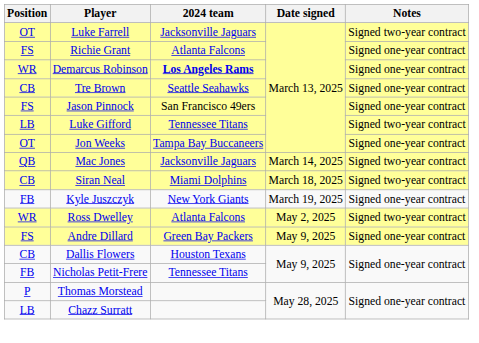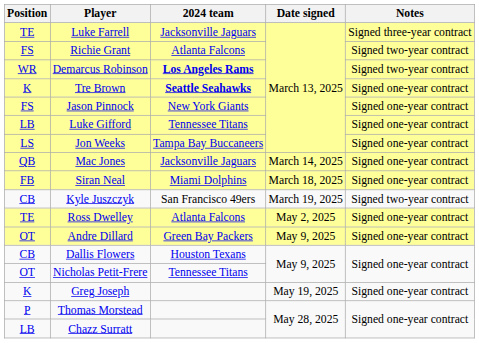 <table class="sortable wikitable" style="text-align:center">
 <tr>
 <th>Position</th>
 <th>Player</th>
 <th>2024 team</th>
 <th>Date signed</th>
 <th>Notes</th>
 </tr>
 <tr style="background:#ff9">
-<td><a href='#'>OT</a></td>
+<td><a href='#'>TE</a></td>
 <td><a href='#'>Luke Farrell</a></td>
 <td><a href='#'>Jacksonville Jaguars</a></td>
 <td rowspan="7">March 13, 2025</td>
-<td>Signed two-year contract</td>
+<td>Signed three-year contract</td>
 </tr>
 <tr style="background:#ff9">
 <td><a href='#'>FS</a></td>
 <td><a href='#'>Richie Grant</a></td>
 <td><a href='#'>Atlanta Falcons</a></td>
-<td>Signed one-year contract</td>
+<td>Signed two-year contract</td>
 </tr>
 <tr style="background:#ff9">
 <td><a href='#'>WR</a></td>
 <td><a href='#'>Demarcus Robinson</a></td>
 <td><strong><a href='#'>Los Angeles Rams</a></strong></td>
-<td>Signed one-year contract</td>
+<td>Signed two-year contract</td>
 </tr>
 <tr style="background:#ff9">
-<td><a href='#'>CB</a></td>
+<td><a href='#'>K</a></td>
 <td><a href='#'>Tre Brown</a></td>
-<td><a href='#'>Seattle Seahawks</a></td>
+<td><strong><a href='#'>Seattle Seahawks</a></strong></td>
 <td>Signed one-year contract</td>
 </tr>
 <tr style="background:#ff9">
 <td><a href='#'>FS</a></td>
 <td><a href='#'>Jason Pinnock</a></td>
-<td>San Francisco 49ers</td>
+<td><a href='#'>New York Giants</a></td>
 <td>Signed one-year contract</td>
 </tr>
 <tr style="background:#ff9">
 <td><a href='#'>LB</a></td>
 <td><a href='#'>Luke Gifford</a></td>
 <td><a href='#'>Tennessee Titans</a></td>
-<td>Signed two-year contract</td>
+<td>Signed one-year contract</td>
 </tr>
 <tr style="background:#ff9">
-<td><a href='#'>OT</a></td>
+<td><a href='#'>LS</a></td>
 <td><a href='#'>Jon Weeks</a></td>
 <td><a href='#'>Tampa Bay Buccaneers</a></td>
 <td>Signed one-year contract</td>
 </tr>
 <tr style="background:#ff9">
 <td><a href='#'>QB</a></td>
 <td><a href='#'>Mac Jones</a></td>
 <td><a href='#'>Jacksonville Jaguars</a></td>
 <td>March 14, 2025</td>
+<td>Signed one-year contract</td>
+</tr>
+<tr style="background:#ff9">
+<td><a href='#'>FB</a></td>
+<td><a href='#'>Siran Neal</a></td>
+<td><a href='#'>Miami Dolphins</a></td>
+<td>March 18, 2025</td>
+<td>Signed one-year contract</td>
+</tr>
+<tr>
+<td><a href='#'>CB</a></td>
+<td><a href='#'>Kyle Juszczyk</a></td>
+<td>San Francisco 49ers</td>
+<td>March 19, 2025</td>
 <td>Signed two-year contract</td>
 </tr>
 <tr style="background:#ff9">
-<td><a href='#'>CB</a></td>
-<td><a href='#'>Siran Neal</a></td>
-<td><a href='#'>Miami Dolphins</a></td>
-<td>March 18, 2025</td>
-<td>Signed two-year contract</td>
-</tr>
-<tr>
-<td><a href='#'>FB</a></td>
-<td><a href='#'>Kyle Juszczyk</a></td>
-<td><a href='#'>New York Giants</a></td>
-<td>March 19, 2025</td>
+<td><a href='#'>TE</a></td>
+<td><a href='#'>Ross Dwelley</a></td>
+<td><a href='#'>Atlanta Falcons</a></td>
+<td>May 2, 2025</td>
 <td>Signed one-year contract</td>
 </tr>
 <tr style="background:#ff9">
-<td><a href='#'>WR</a></td>
-<td><a href='#'>Ross Dwelley</a></td>
-<td><a href='#'>Atlanta Falcons</a></td>
-<td>May 2, 2025</td>
-<td>Signed two-year contract</td>
-</tr>
-<tr style="background:#ff9">
-<td><a href='#'>FS</a></td>
+<td><a href='#'>OT</a></td>
 <td><a href='#'>Andre Dillard</a></td>
 <td><a href='#'>Green Bay Packers</a></td>
 <td>May 9, 2025</td>
 <td>Signed one-year contract</td>
 </tr>
 <tr>
 <td><a href='#'>CB</a></td>
 <td><a href='#'>Dallis Flowers</a></td>
 <td><a href='#'>Houston Texans</a></td>
 <td rowspan="2">May 9, 2025</td>
 <td rowspan="2">Signed one-year contract</td>
 </tr>
 <tr>
-<td><a href='#'>FB</a></td>
+<td><a href='#'>OT</a></td>
 <td><a href='#'>Nicholas Petit-Frere</a></td>
 <td><a href='#'>Tennessee Titans</a></td>
+</tr>
+<tr>
+<td><a href='#'>K</a></td>
+<td><a href='#'>Greg Joseph</a></td>
+<td></td>
+<td>May 19, 2025</td>
+<td>Signed one-year contract</td>
 </tr>
 <tr>
 <td><a href='#'>P</a></td>
 <td><a href='#'>Thomas Morstead</a></td>
 <td></td>
 <td rowspan="2">May 28, 2025</td>
 <td rowspan="2">Signed one-year contract</td>
 </tr>
 <tr>
 <td><a href='#'>LB</a></td>
 <td><a href='#'>Chazz Surratt</a></td>
 <td></td>
 </tr>
 </table>
